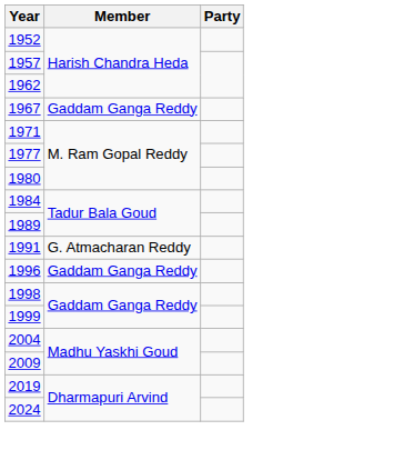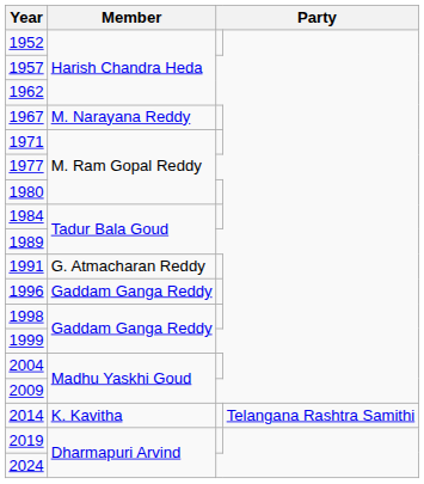 <table class="wikitable">
 <tr>
 <th>Year</th>
 <th>Member</th>
 <th colspan="2">Party</th>
 </tr>
 <tr>
 <td><a href='#'>1952</a></td>
 <td rowspan="3"><a href='#'>Harish Chandra Heda</a></td>
 <td></td>
 </tr>
 <tr>
 <td><a href='#'>1957</a></td>
 </tr>
 <tr>
 <td><a href='#'>1962</a></td>
 </tr>
 <tr>
 <td><a href='#'>1967</a></td>
-<td><a href='#'>Gaddam Ganga Reddy</a></td>
+<td><a href='#'>M. Narayana Reddy</a></td>
 <td></td>
 </tr>
 <tr>
 <td><a href='#'>1971</a></td>
 <td rowspan="3">M. Ram Gopal Reddy</td>
 <td></td>
 </tr>
 <tr>
 <td><a href='#'>1977</a></td>
 </tr>
 <tr>
 <td><a href='#'>1980</a></td>
 <td></td>
 </tr>
 <tr>
 <td><a href='#'>1984</a></td>
 <td rowspan="2"><a href='#'>Tadur Bala Goud</a></td>
 <td></td>
 </tr>
 <tr>
 <td><a href='#'>1989</a></td>
 </tr>
 <tr>
 <td><a href='#'>1991</a></td>
 <td>G. Atmacharan Reddy</td>
 <td></td>
 </tr>
 <tr>
 <td><a href='#'>1996</a></td>
 <td><a href='#'>Gaddam Ganga Reddy</a></td>
 <td></td>
 </tr>
 <tr>
 <td><a href='#'>1998</a></td>
 <td rowspan="2"><a href='#'>Gaddam Ganga Reddy</a></td>
 <td></td>
 </tr>
 <tr>
 <td><a href='#'>1999</a></td>
 </tr>
 <tr>
 <td><a href='#'>2004</a></td>
 <td rowspan="2"><a href='#'>Madhu Yaskhi Goud</a></td>
 <td></td>
 </tr>
 <tr>
 <td><a href='#'>2009</a></td>
 </tr>
 <tr>
+<td><a href='#'>2014</a></td>
+<td><a href='#'>K. Kavitha</a></td>
+<td style="background-color: "></td>
+<td><a href='#'>Telangana Rashtra Samithi</a></td>
+</tr>
+<tr>
 <td><a href='#'>2019</a></td>
 <td rowspan="2"><a href='#'>Dharmapuri Arvind</a></td>
 <td></td>
 </tr>
 <tr>
 <td><a href='#'>2024</a></td>
 </tr>
 </table>
